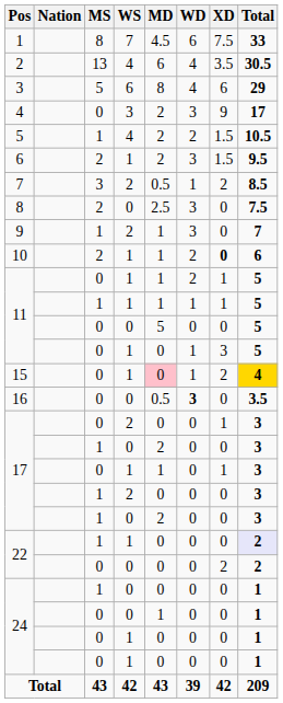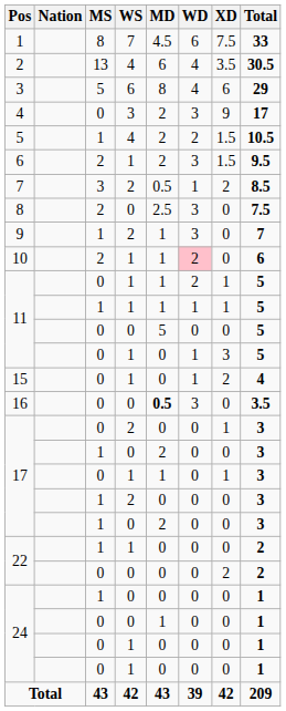 <table class="wikitable" style="text-align:center">
 <tr>
 <th>Pos</th>
 <th>Nation</th>
 <th>MS</th>
 <th>WS</th>
 <th>MD</th>
 <th>WD</th>
 <th>XD</th>
 <th>Total</th>
 </tr>
 <tr>
 <td>1</td>
 <td align=left><strong></strong></td>
 <td>8</td>
 <td>7</td>
 <td>4.5</td>
 <td>6</td>
 <td>7.5</td>
 <td><strong>33</strong></td>
 </tr>
 <tr>
 <td>2</td>
 <td align=left></td>
 <td>13</td>
 <td>4</td>
 <td>6</td>
 <td>4</td>
 <td>3.5</td>
 <td><strong>30.5</strong></td>
 </tr>
 <tr>
 <td>3</td>
 <td align=left></td>
 <td>5</td>
 <td>6</td>
 <td>8</td>
 <td>4</td>
 <td>6</td>
 <td><strong>29</strong></td>
 </tr>
 <tr>
 <td>4</td>
 <td align=left></td>
 <td>0</td>
 <td>3</td>
 <td>2</td>
 <td>3</td>
 <td>9</td>
 <td><strong>17</strong></td>
 </tr>
 <tr>
 <td>5</td>
 <td align=left></td>
 <td>1</td>
 <td>4</td>
 <td>2</td>
 <td>2</td>
 <td>1.5</td>
 <td><strong>10.5</strong></td>
 </tr>
 <tr>
 <td>6</td>
 <td align=left></td>
 <td>2</td>
 <td>1</td>
 <td>2</td>
 <td>3</td>
 <td>1.5</td>
 <td><strong>9.5</strong></td>
 </tr>
 <tr>
 <td>7</td>
 <td align=left></td>
 <td>3</td>
 <td>2</td>
 <td>0.5</td>
 <td>1</td>
 <td>2</td>
 <td><strong>8.5</strong></td>
 </tr>
 <tr>
 <td>8</td>
 <td align=left></td>
 <td>2</td>
 <td>0</td>
 <td>2.5</td>
 <td>3</td>
 <td>0</td>
 <td><strong>7.5</strong></td>
 </tr>
 <tr>
 <td>9</td>
 <td align=left></td>
 <td>1</td>
 <td>2</td>
 <td>1</td>
 <td>3</td>
 <td>0</td>
 <td><strong>7</strong></td>
 </tr>
 <tr>
 <td>10</td>
 <td align=left></td>
 <td>2</td>
 <td>1</td>
 <td>1</td>
-<td>2</td>
-<td><strong>0</strong></td>
+<td style="background: pink;">2</td>
+<td>0</td>
 <td><strong>6</strong></td>
 </tr>
 <tr>
 <td rowspan=4>11</td>
 <td align=left></td>
 <td>0</td>
 <td>1</td>
 <td>1</td>
 <td>2</td>
 <td>1</td>
 <td><strong>5</strong></td>
 </tr>
 <tr>
 <td align=left></td>
 <td>1</td>
 <td>1</td>
 <td>1</td>
 <td>1</td>
 <td>1</td>
 <td><strong>5</strong></td>
 </tr>
 <tr>
 <td align=left></td>
 <td>0</td>
 <td>0</td>
 <td>5</td>
 <td>0</td>
 <td>0</td>
 <td><strong>5</strong></td>
 </tr>
 <tr>
 <td align=left></td>
 <td>0</td>
 <td>1</td>
 <td>0</td>
 <td>1</td>
 <td>3</td>
 <td><strong>5</strong></td>
 </tr>
 <tr>
 <td>15</td>
 <td align=left></td>
 <td>0</td>
 <td>1</td>
-<td style="background: pink;">0</td>
+<td>0</td>
 <td>1</td>
 <td>2</td>
-<td style="background: gold;"><strong>4</strong></td>
+<td><strong>4</strong></td>
 </tr>
 <tr>
 <td>16</td>
 <td align=left></td>
 <td>0</td>
 <td>0</td>
-<td>0.5</td>
-<td><strong>3</strong></td>
+<td><strong>0.5</strong></td>
+<td>3</td>
 <td>0</td>
 <td><strong>3.5</strong></td>
 </tr>
 <tr>
 <td rowspan=5>17</td>
 <td align=left></td>
 <td>0</td>
 <td>2</td>
 <td>0</td>
 <td>0</td>
 <td>1</td>
 <td><strong>3</strong></td>
 </tr>
 <tr>
 <td align=left></td>
 <td>1</td>
 <td>0</td>
 <td>2</td>
 <td>0</td>
 <td>0</td>
 <td><strong>3</strong></td>
 </tr>
 <tr>
 <td align=left></td>
 <td>0</td>
 <td>1</td>
 <td>1</td>
 <td>0</td>
 <td>1</td>
 <td><strong>3</strong></td>
 </tr>
 <tr>
 <td align=left></td>
 <td>1</td>
 <td>2</td>
 <td>0</td>
 <td>0</td>
 <td>0</td>
 <td><strong>3</strong></td>
 </tr>
 <tr>
 <td align=left></td>
 <td>1</td>
 <td>0</td>
 <td>2</td>
 <td>0</td>
 <td>0</td>
 <td><strong>3</strong></td>
 </tr>
 <tr>
 <td rowspan=2>22</td>
 <td align=left></td>
 <td>1</td>
 <td>1</td>
 <td>0</td>
 <td>0</td>
 <td>0</td>
-<td style="background: lavender;"><strong>2</strong></td>
+<td><strong>2</strong></td>
 </tr>
 <tr>
 <td align=left></td>
 <td>0</td>
 <td>0</td>
 <td>0</td>
 <td>0</td>
 <td>2</td>
 <td><strong>2</strong></td>
 </tr>
 <tr>
 <td rowspan=4>24</td>
 <td align=left></td>
 <td>1</td>
 <td>0</td>
 <td>0</td>
 <td>0</td>
 <td>0</td>
 <td><strong>1</strong></td>
 </tr>
 <tr>
 <td align=left></td>
 <td>0</td>
 <td>0</td>
 <td>1</td>
 <td>0</td>
 <td>0</td>
 <td><strong>1</strong></td>
 </tr>
 <tr>
 <td align=left></td>
 <td>0</td>
 <td>1</td>
 <td>0</td>
 <td>0</td>
 <td>0</td>
 <td><strong>1</strong></td>
 </tr>
 <tr>
 <td align=left></td>
 <td>0</td>
 <td>1</td>
 <td>0</td>
 <td>0</td>
 <td>0</td>
 <td><strong>1</strong></td>
 </tr>
 <tr>
 <td colspan=2 align=center><strong>Total</strong></td>
 <td><strong>43</strong></td>
 <td><strong>42</strong></td>
 <td><strong>43</strong></td>
 <td><strong>39</strong></td>
 <td><strong>42</strong></td>
 <td><strong>209</strong></td>
 </tr>
 </table>
